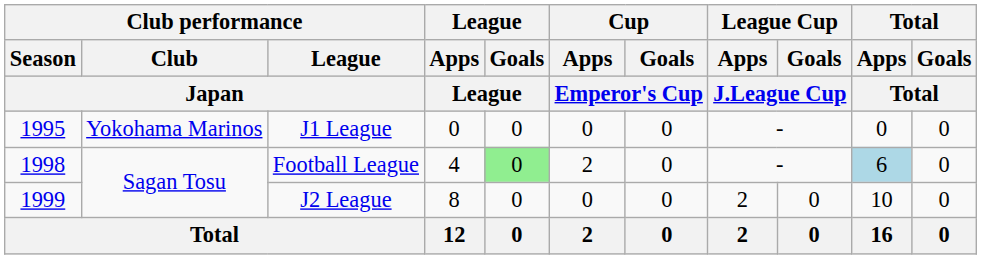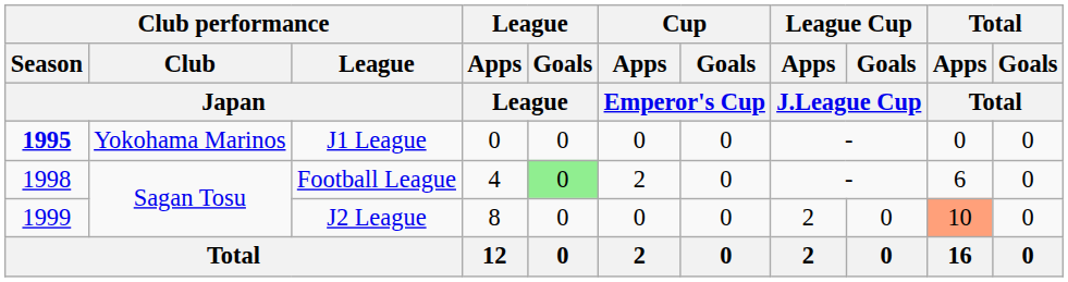 <table class="wikitable" style="text-align:center;">
 <tr>
 <th colspan=3>Club performance</th>
 <th colspan=2>League</th>
 <th colspan=2>Cup</th>
 <th colspan=2>League Cup</th>
 <th colspan=2>Total</th>
 </tr>
 <tr>
 <th>Season</th>
 <th>Club</th>
 <th>League</th>
 <th>Apps</th>
 <th>Goals</th>
 <th>Apps</th>
 <th>Goals</th>
 <th>Apps</th>
 <th>Goals</th>
 <th>Apps</th>
 <th>Goals</th>
 </tr>
 <tr>
 <th colspan=3>Japan</th>
 <th colspan=2>League</th>
 <th colspan=2><a href='#'>Emperor's Cup</a></th>
 <th colspan=2><a href='#'>J.League Cup</a></th>
 <th colspan=2>Total</th>
 </tr>
 <tr>
-<td><a href='#'>1995</a></td>
+<td><strong><a href='#'>1995</a></strong></td>
 <td><a href='#'>Yokohama Marinos</a></td>
 <td><a href='#'>J1 League</a></td>
 <td>0</td>
 <td>0</td>
 <td>0</td>
 <td>0</td>
 <td colspan="2">-</td>
 <td>0</td>
 <td>0</td>
 </tr>
 <tr>
 <td><a href='#'>1998</a></td>
 <td rowspan="2"><a href='#'>Sagan Tosu</a></td>
 <td><a href='#'>Football League</a></td>
 <td>4</td>
 <td style="background: lightgreen;">0</td>
 <td>2</td>
 <td>0</td>
 <td colspan="2">-</td>
-<td style="background: lightblue;">6</td>
+<td>6</td>
 <td>0</td>
 </tr>
 <tr>
 <td><a href='#'>1999</a></td>
 <td><a href='#'>J2 League</a></td>
 <td>8</td>
 <td>0</td>
 <td>0</td>
 <td>0</td>
 <td>2</td>
 <td>0</td>
-<td>10</td>
+<td style="background: lightsalmon;">10</td>
 <td>0</td>
 </tr>
 <tr>
 <th colspan=3>Total</th>
 <th>12</th>
 <th>0</th>
 <th>2</th>
 <th>0</th>
 <th>2</th>
 <th>0</th>
 <th>16</th>
 <th>0</th>
 </tr>
 </table>
